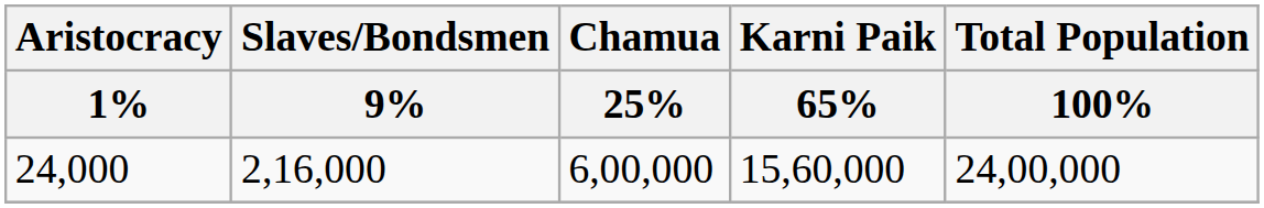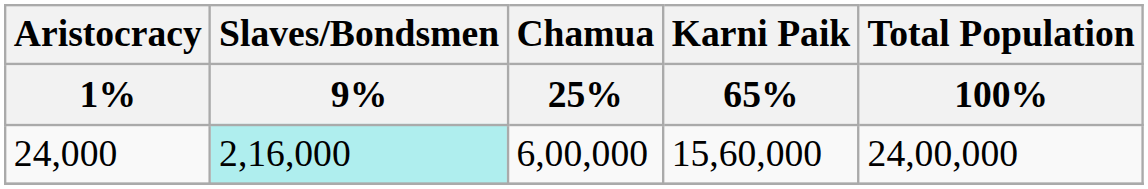 <table class="wikitable">
 <tr>
 <th>Aristocracy</th>
 <th>Slaves/Bondsmen</th>
 <th>Chamua</th>
 <th>Karni Paik</th>
 <th>Total Population</th>
 </tr>
 <tr>
 <th>1%</th>
 <th>9%</th>
 <th>25%</th>
 <th>65%</th>
 <th>100%</th>
 </tr>
 <tr>
 <td>24,000</td>
-<td>2,16,000</td>
+<td style="background: paleturquoise;">2,16,000</td>
 <td>6,00,000</td>
 <td>15,60,000</td>
 <td>24,00,000</td>
 </tr>
 <tr>
 </tr>
 </table>
